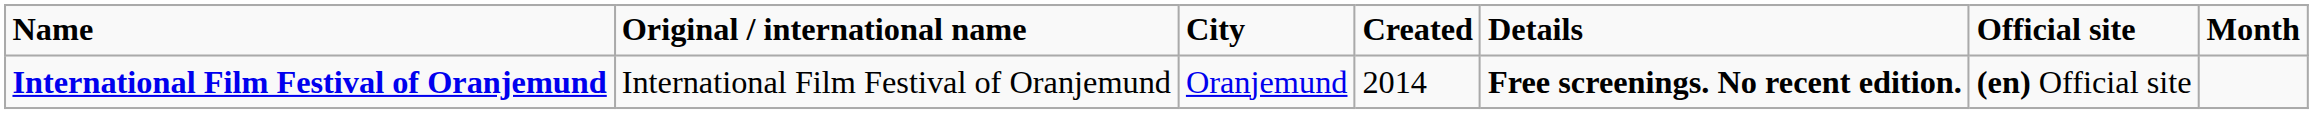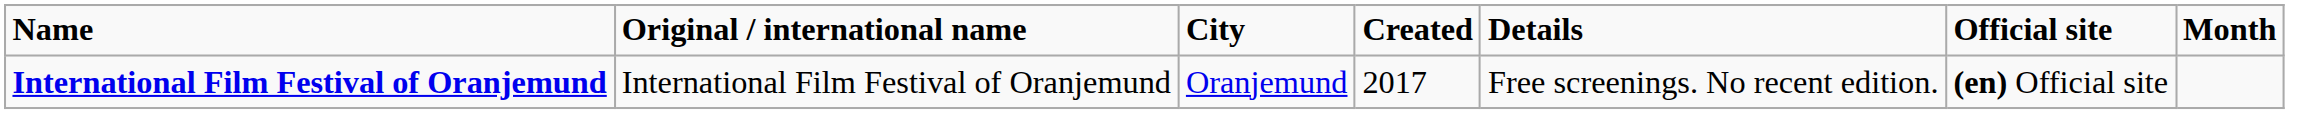 <table class="wikitable">
 <tr>
 <td><strong>Name</strong></td>
 <td><strong>Original / international name</strong></td>
 <td><strong>City</strong></td>
 <td><strong>Created</strong></td>
 <td><strong>Details</strong></td>
 <td><strong>Official site</strong></td>
 <td><strong>Month</strong></td>
 </tr>
 <tr>
 <td><strong><a href='#'>International Film Festival of Oranjemund</a></strong></td>
 <td>International Film Festival of Oranjemund</td>
 <td><a href='#'>Oranjemund</a></td>
-<td>2014</td>
-<td><strong>Free screenings. No recent edition.</strong></td>
+<td>2017</td>
+<td>Free screenings. No recent edition.</td>
 <td><strong>(en)</strong> Official site</td>
 <td></td>
 </tr>
 </table>
